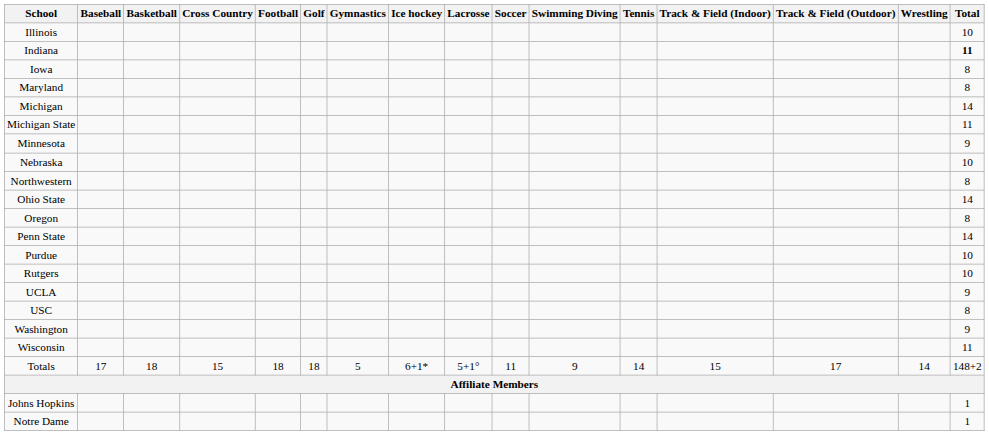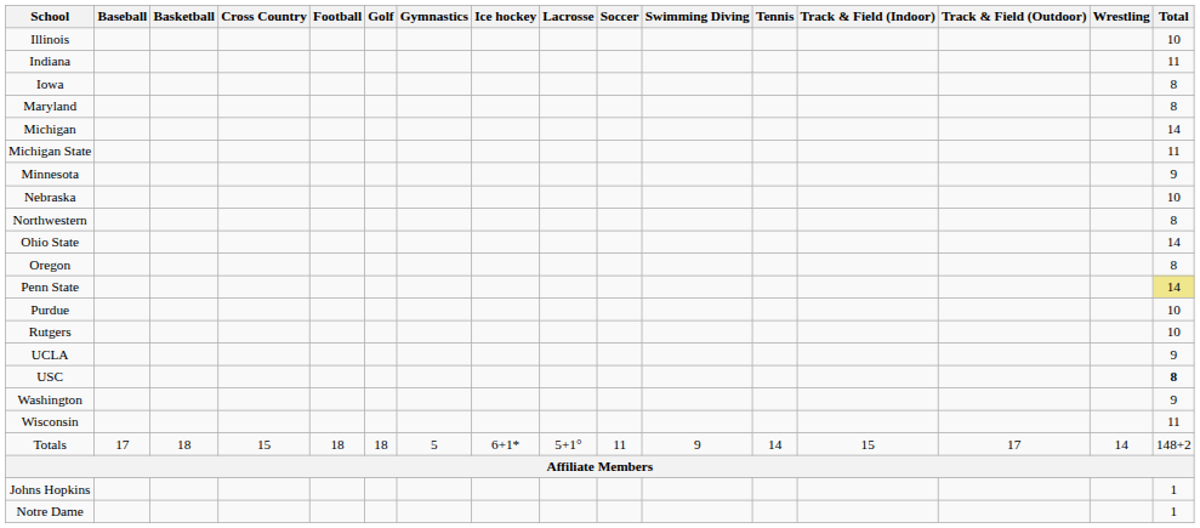 <table class="wikitable" style="text-align: center; font-size: 95%">
 <tr>
 <th scope="col">School</th>
 <th scope="col">Baseball</th>
 <th scope="col">Basketball</th>
 <th scope="col">Cross Country</th>
 <th scope="col">Football</th>
 <th scope="col">Golf</th>
 <th scope="col">Gymnastics</th>
 <th scope="col">Ice hockey</th>
 <th scope="col">Lacrosse</th>
 <th scope="col">Soccer</th>
 <th scope="col">Swimming Diving</th>
 <th scope="col">Tennis</th>
 <th scope="col">Track & Field (Indoor)</th>
 <th scope="col">Track & Field (Outdoor)</th>
 <th scope="col">Wrestling</th>
 <th scope="col">Total</th>
 </tr>
 <tr>
 <td>Illinois</td>
 <td></td>
 <td></td>
 <td></td>
 <td></td>
 <td></td>
 <td></td>
 <td></td>
 <td></td>
 <td></td>
 <td></td>
 <td></td>
 <td></td>
 <td></td>
 <td></td>
 <td>10</td>
 </tr>
 <tr>
 <td>Indiana</td>
 <td></td>
 <td></td>
 <td></td>
 <td></td>
 <td></td>
 <td></td>
 <td></td>
 <td></td>
 <td></td>
 <td></td>
 <td></td>
 <td></td>
 <td></td>
 <td></td>
-<td><strong>11</strong></td>
+<td>11</td>
 </tr>
 <tr>
 <td>Iowa</td>
 <td></td>
 <td></td>
 <td></td>
 <td></td>
 <td></td>
 <td></td>
 <td></td>
 <td></td>
 <td></td>
 <td></td>
 <td></td>
 <td></td>
 <td></td>
 <td></td>
 <td>8</td>
 </tr>
 <tr>
 <td>Maryland</td>
 <td></td>
 <td></td>
 <td></td>
 <td></td>
 <td></td>
 <td></td>
 <td></td>
 <td></td>
 <td></td>
 <td></td>
 <td></td>
 <td></td>
 <td></td>
 <td></td>
 <td>8</td>
 </tr>
 <tr>
 <td>Michigan</td>
 <td></td>
 <td></td>
 <td></td>
 <td></td>
 <td></td>
 <td></td>
 <td></td>
 <td></td>
 <td></td>
 <td></td>
 <td></td>
 <td></td>
 <td></td>
 <td></td>
 <td>14</td>
 </tr>
 <tr>
 <td>Michigan State</td>
 <td></td>
 <td></td>
 <td></td>
 <td></td>
 <td></td>
 <td></td>
 <td></td>
 <td></td>
 <td></td>
 <td></td>
 <td></td>
 <td></td>
 <td></td>
 <td></td>
 <td>11</td>
 </tr>
 <tr>
 <td>Minnesota</td>
 <td></td>
 <td></td>
 <td></td>
 <td></td>
 <td></td>
 <td></td>
 <td></td>
 <td></td>
 <td></td>
 <td></td>
 <td></td>
 <td></td>
 <td></td>
 <td></td>
 <td>9</td>
 </tr>
 <tr>
 <td>Nebraska</td>
 <td></td>
 <td></td>
 <td></td>
 <td></td>
 <td></td>
 <td></td>
 <td></td>
 <td></td>
 <td></td>
 <td></td>
 <td></td>
 <td></td>
 <td></td>
 <td></td>
 <td>10</td>
 </tr>
 <tr>
 <td>Northwestern</td>
 <td></td>
 <td></td>
 <td></td>
 <td></td>
 <td></td>
 <td></td>
 <td></td>
 <td></td>
 <td></td>
 <td></td>
 <td></td>
 <td></td>
 <td></td>
 <td></td>
 <td>8</td>
 </tr>
 <tr>
 <td>Ohio State</td>
 <td></td>
 <td></td>
 <td></td>
 <td></td>
 <td></td>
 <td></td>
 <td></td>
 <td></td>
 <td></td>
 <td></td>
 <td></td>
 <td></td>
 <td></td>
 <td></td>
 <td>14</td>
 </tr>
 <tr>
 <td>Oregon</td>
 <td></td>
 <td></td>
 <td></td>
 <td></td>
 <td></td>
 <td></td>
 <td></td>
 <td></td>
 <td></td>
 <td></td>
 <td></td>
 <td></td>
 <td></td>
 <td></td>
 <td>8</td>
 </tr>
 <tr>
 <td>Penn State</td>
 <td></td>
 <td></td>
 <td></td>
 <td></td>
 <td></td>
 <td></td>
 <td></td>
 <td></td>
 <td></td>
 <td></td>
 <td></td>
 <td></td>
 <td></td>
 <td></td>
-<td>14</td>
+<td style="background: khaki;">14</td>
 </tr>
 <tr>
 <td>Purdue</td>
 <td></td>
 <td></td>
 <td></td>
 <td></td>
 <td></td>
 <td></td>
 <td></td>
 <td></td>
 <td></td>
 <td></td>
 <td></td>
 <td></td>
 <td></td>
 <td></td>
 <td>10</td>
 </tr>
 <tr>
 <td>Rutgers</td>
 <td></td>
 <td></td>
 <td></td>
 <td></td>
 <td></td>
 <td></td>
 <td></td>
 <td></td>
 <td></td>
 <td></td>
 <td></td>
 <td></td>
 <td></td>
 <td></td>
 <td>10</td>
 </tr>
 <tr>
 <td>UCLA</td>
 <td></td>
 <td></td>
 <td></td>
 <td></td>
 <td></td>
 <td></td>
 <td></td>
 <td></td>
 <td></td>
 <td></td>
 <td></td>
 <td></td>
 <td></td>
 <td></td>
 <td>9</td>
 </tr>
 <tr>
 <td>USC</td>
 <td></td>
 <td></td>
 <td></td>
 <td></td>
 <td></td>
 <td></td>
 <td></td>
 <td></td>
 <td></td>
 <td></td>
 <td></td>
 <td></td>
 <td></td>
 <td></td>
-<td>8</td>
+<td><strong>8</strong></td>
 </tr>
 <tr>
 <td>Washington</td>
 <td></td>
 <td></td>
 <td></td>
 <td></td>
 <td></td>
 <td></td>
 <td></td>
 <td></td>
 <td></td>
 <td></td>
 <td></td>
 <td></td>
 <td></td>
 <td></td>
 <td>9</td>
 </tr>
 <tr>
 <td>Wisconsin</td>
 <td></td>
 <td></td>
 <td></td>
 <td></td>
 <td></td>
 <td></td>
 <td></td>
 <td></td>
 <td></td>
 <td></td>
 <td></td>
 <td></td>
 <td></td>
 <td></td>
 <td>11</td>
 </tr>
 <tr>
 <td>Totals</td>
 <td>17</td>
 <td>18</td>
 <td>15</td>
 <td>18</td>
 <td>18</td>
 <td>5</td>
 <td>6+1*</td>
 <td>5+1°</td>
 <td>11</td>
 <td>9</td>
 <td>14</td>
 <td>15</td>
 <td>17</td>
 <td>14</td>
 <td>148+2</td>
 </tr>
 <tr>
 <th colspan="16">Affiliate Members</th>
 </tr>
 <tr>
 <td>Johns Hopkins</td>
 <td></td>
 <td></td>
 <td></td>
 <td></td>
 <td></td>
 <td></td>
 <td></td>
 <td></td>
 <td></td>
 <td></td>
 <td></td>
 <td></td>
 <td></td>
 <td></td>
 <td>1</td>
 </tr>
 <tr>
 <td>Notre Dame</td>
 <td></td>
 <td></td>
 <td></td>
 <td></td>
 <td></td>
 <td></td>
 <td></td>
 <td></td>
 <td></td>
 <td></td>
 <td></td>
 <td></td>
 <td></td>
 <td></td>
 <td>1</td>
 </tr>
 </table>
